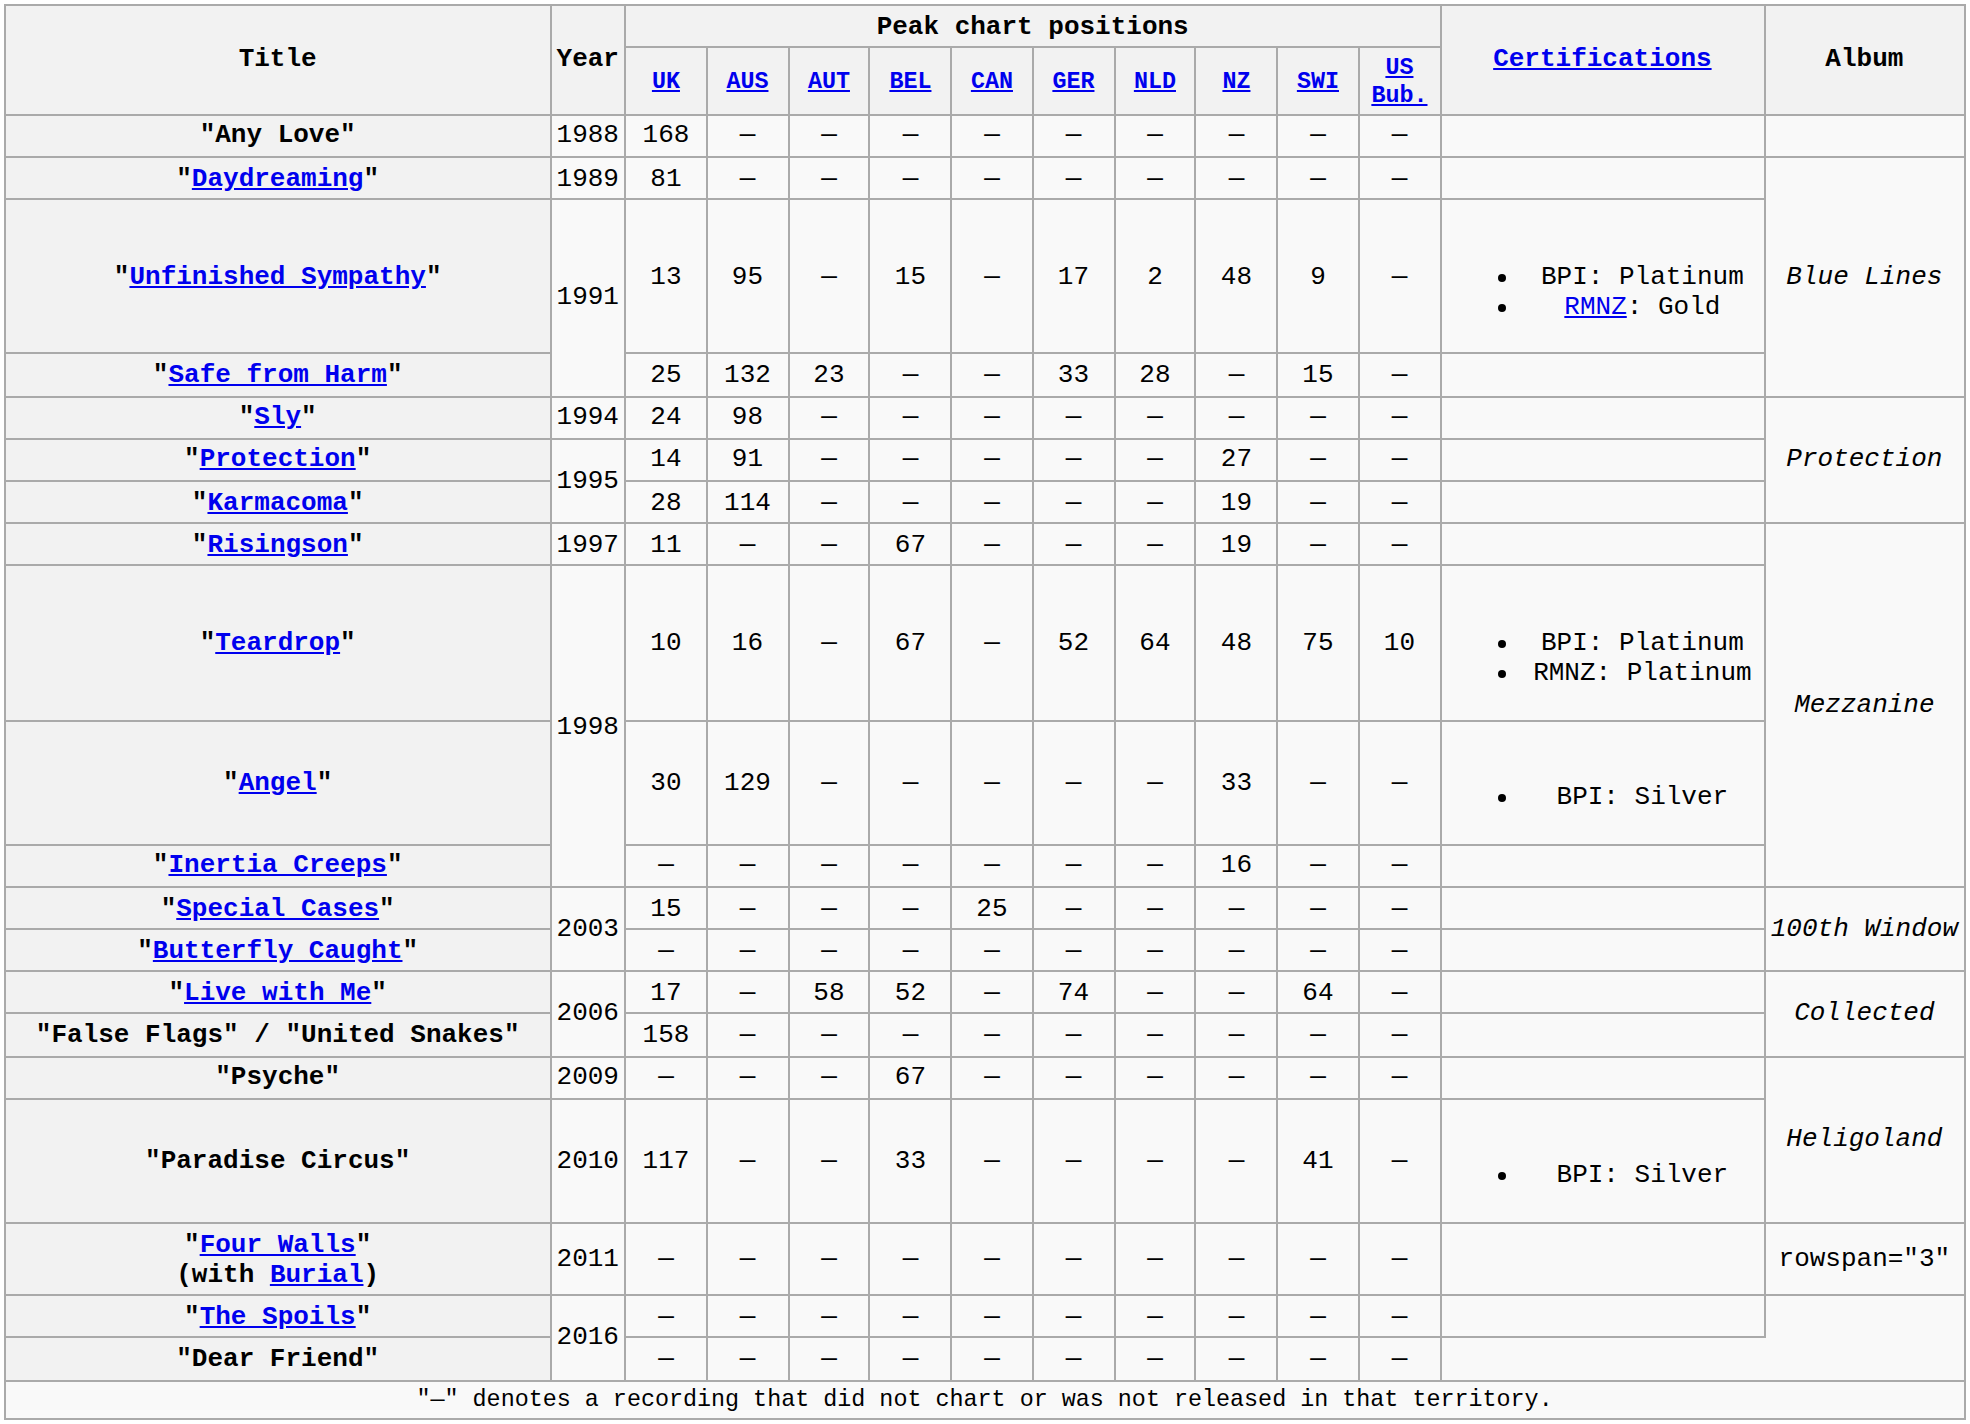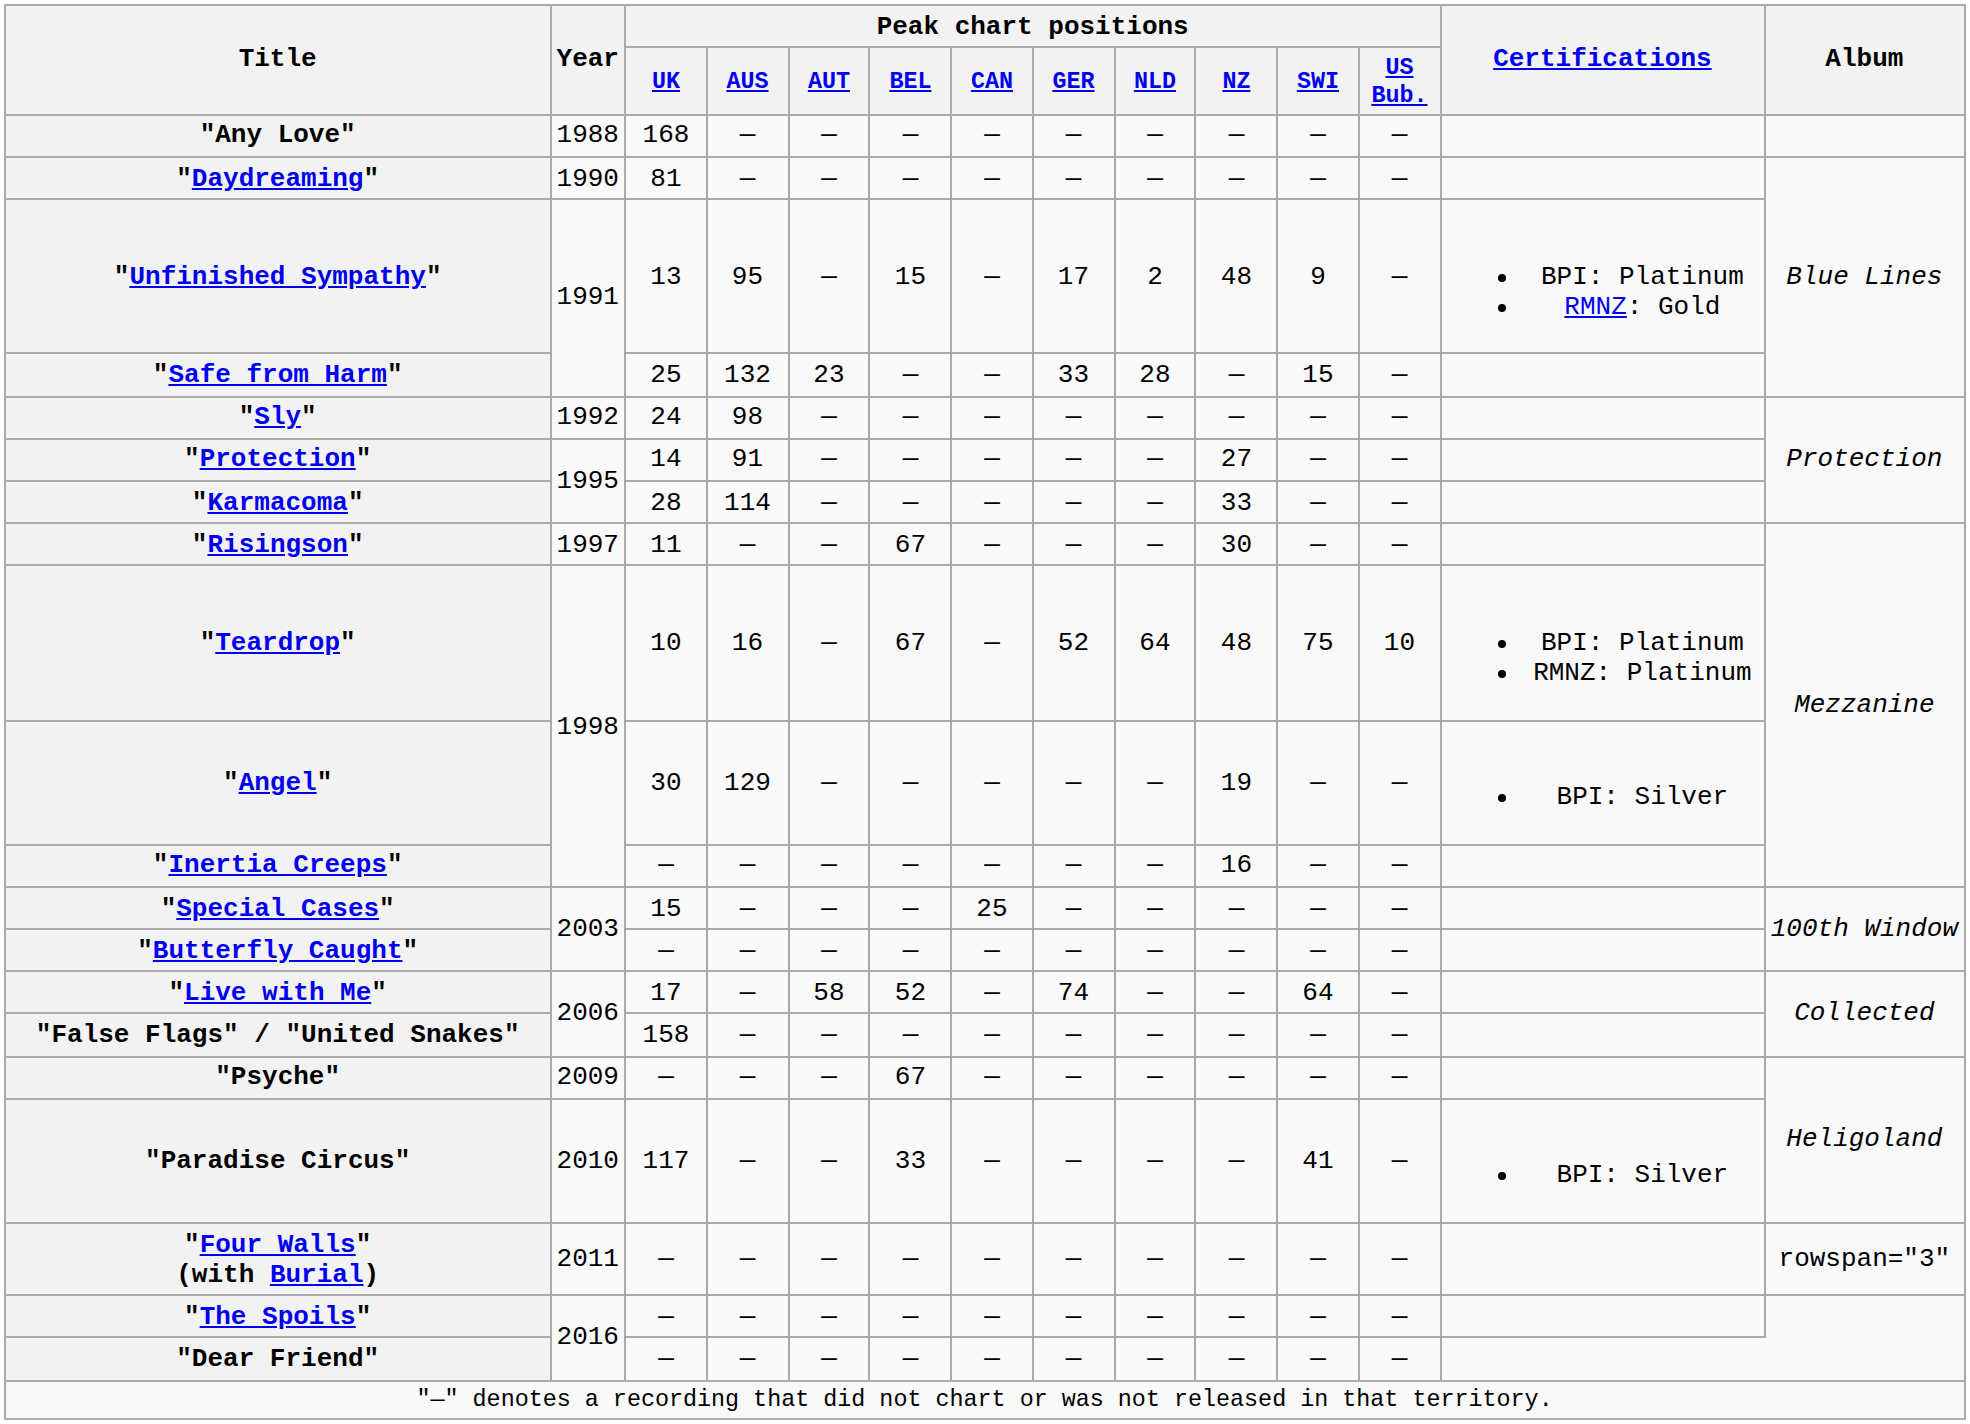 <table class="wikitable plainrowheaders" style="text-align:center;" border="1">
 <tr>
 <th scope="col" rowspan="2" style="width:20.5em;">Title</th>
 <th scope="col" rowspan="2">Year</th>
 <th scope="col" colspan="10">Peak chart positions</th>
 <th scope="col" rowspan="2" style="width:12em;"><a href='#'>Certifications</a></th>
 <th scope="col" rowspan="2">Album</th>
 </tr>
 <tr>
 <th scope="col" style="width:3em;font-size:90%;"><a href='#'>UK</a><br></th>
 <th scope="col" style="width:3em;font-size:90%;"><a href='#'>AUS</a><br></th>
 <th scope="col" style="width:3em;font-size:90%;"><a href='#'>AUT</a><br></th>
 <th scope="col" style="width:3em;font-size:90%;"><a href='#'>BEL</a><br></th>
 <th scope="col" style="width:3em;font-size:90%;"><a href='#'>CAN</a><br></th>
 <th scope="col" style="width:3em;font-size:90%;"><a href='#'>GER</a><br></th>
 <th scope="col" style="width:3em;font-size:90%;"><a href='#'>NLD</a><br></th>
 <th scope="col" style="width:3em;font-size:90%;"><a href='#'>NZ</a><br></th>
 <th scope="col" style="width:3em;font-size:90%;"><a href='#'>SWI</a><br></th>
 <th scope="col" style="width:3em;font-size:90%;"><a href='#'>US<br>Bub.</a><br></th>
 </tr>
 <tr>
 <th scope="row">"Any Love"</th>
 <td>1988</td>
 <td>168</td>
 <td>—</td>
 <td>—</td>
 <td>—</td>
 <td>—</td>
 <td>—</td>
 <td>—</td>
 <td>—</td>
 <td>—</td>
 <td>—</td>
 <td></td>
 <td></td>
 </tr>
 <tr>
 <th scope="row">"<a href='#'>Daydreaming</a>"</th>
-<td>1989</td>
+<td>1990</td>
 <td>81</td>
 <td>—</td>
 <td>—</td>
 <td>—</td>
 <td>—</td>
 <td>—</td>
 <td>—</td>
 <td>—</td>
 <td>—</td>
 <td>—</td>
 <td></td>
 <td rowspan="3"><em>Blue Lines</em></td>
 </tr>
 <tr>
 <th scope="row">"<a href='#'>Unfinished Sympathy</a>"</th>
 <td rowspan="2">1991</td>
 <td>13</td>
 <td>95</td>
 <td>—</td>
 <td>15</td>
 <td>—</td>
 <td>17</td>
 <td>2</td>
 <td>48</td>
 <td>9</td>
 <td>—</td>
 <td><br><ul><li>BPI: Platinum</li><li><a href='#'>RMNZ</a>: Gold</li></ul></td>
 </tr>
 <tr>
 <th scope="row">"<a href='#'>Safe from Harm</a>"</th>
 <td>25</td>
 <td>132</td>
 <td>23</td>
 <td>—</td>
 <td>—</td>
 <td>33</td>
 <td>28</td>
 <td>—</td>
 <td>15</td>
 <td>—</td>
 <td></td>
 </tr>
 <tr>
 <th scope="row">"<a href='#'>Sly</a>"</th>
-<td>1994</td>
+<td>1992</td>
 <td>24</td>
 <td>98</td>
 <td>—</td>
 <td>—</td>
 <td>—</td>
 <td>—</td>
 <td>—</td>
 <td>—</td>
 <td>—</td>
 <td>—</td>
 <td></td>
 <td rowspan="3"><em>Protection</em></td>
 </tr>
 <tr>
 <th scope="row">"<a href='#'>Protection</a>"</th>
 <td rowspan="2">1995</td>
 <td>14</td>
 <td>91</td>
 <td>—</td>
 <td>—</td>
 <td>—</td>
 <td>—</td>
 <td>—</td>
 <td>27</td>
 <td>—</td>
 <td>—</td>
 <td></td>
 </tr>
 <tr>
 <th scope="row">"<a href='#'>Karmacoma</a>"</th>
 <td>28</td>
 <td>114</td>
 <td>—</td>
 <td>—</td>
 <td>—</td>
 <td>—</td>
 <td>—</td>
-<td>19</td>
+<td>33</td>
 <td>—</td>
 <td>—</td>
 <td></td>
 </tr>
 <tr>
 <th scope="row">"<a href='#'>Risingson</a>"</th>
 <td>1997</td>
 <td>11</td>
 <td>—</td>
 <td>—</td>
 <td>67</td>
 <td>—</td>
 <td>—</td>
 <td>—</td>
-<td>19</td>
+<td>30</td>
 <td>—</td>
 <td>—</td>
 <td></td>
 <td rowspan="4"><em>Mezzanine</em></td>
 </tr>
 <tr>
 <th scope="row">"<a href='#'>Teardrop</a>"</th>
 <td rowspan="3">1998</td>
 <td>10</td>
 <td>16</td>
 <td>—</td>
 <td>67</td>
 <td>—</td>
 <td>52</td>
 <td>64</td>
 <td>48</td>
 <td>75</td>
 <td>10</td>
 <td><br><ul><li>BPI: Platinum</li><li>RMNZ: Platinum</li></ul></td>
 </tr>
 <tr>
 <th scope="row">"<a href='#'>Angel</a>"</th>
 <td>30</td>
 <td>129</td>
 <td>—</td>
 <td>—</td>
 <td>—</td>
 <td>—</td>
 <td>—</td>
-<td>33</td>
+<td>19</td>
 <td>—</td>
 <td>—</td>
 <td><br><ul><li>BPI: Silver</li></ul></td>
 </tr>
 <tr>
 <th scope="row">"<a href='#'>Inertia Creeps</a>"</th>
 <td>—</td>
 <td>—</td>
 <td>—</td>
 <td>—</td>
 <td>—</td>
 <td>—</td>
 <td>—</td>
 <td>16</td>
 <td>—</td>
 <td>—</td>
 <td></td>
 </tr>
 <tr>
 <th scope="row">"<a href='#'>Special Cases</a>"</th>
 <td rowspan="2">2003</td>
 <td>15</td>
 <td>—</td>
 <td>—</td>
 <td>—</td>
 <td>25</td>
 <td>—</td>
 <td>—</td>
 <td>—</td>
 <td>—</td>
 <td>—</td>
 <td></td>
 <td rowspan="2"><em>100th Window</em></td>
 </tr>
 <tr>
 <th scope="row">"<a href='#'>Butterfly Caught</a>"</th>
 <td>—</td>
 <td>—</td>
 <td>—</td>
 <td>—</td>
 <td>—</td>
 <td>—</td>
 <td>—</td>
 <td>—</td>
 <td>—</td>
 <td>—</td>
 <td></td>
 </tr>
 <tr>
 <th scope="row">"<a href='#'>Live with Me</a>"</th>
 <td rowspan="2">2006</td>
 <td>17</td>
 <td>—</td>
 <td>58</td>
 <td>52</td>
 <td>—</td>
 <td>74</td>
 <td>—</td>
 <td>—</td>
 <td>64</td>
 <td>—</td>
 <td></td>
 <td rowspan="2"><em>Collected</em></td>
 </tr>
 <tr>
 <th scope="row">"False Flags" / "United Snakes"</th>
 <td>158</td>
 <td>—</td>
 <td>—</td>
 <td>—</td>
 <td>—</td>
 <td>—</td>
 <td>—</td>
 <td>—</td>
 <td>—</td>
 <td>—</td>
 <td></td>
 </tr>
 <tr>
 <th scope="row">"Psyche"</th>
 <td>2009</td>
 <td>—</td>
 <td>—</td>
 <td>—</td>
 <td>67</td>
 <td>—</td>
 <td>—</td>
 <td>—</td>
 <td>—</td>
 <td>—</td>
 <td>—</td>
 <td></td>
 <td rowspan="2"><em>Heligoland</em></td>
 </tr>
 <tr>
 <th scope="row">"Paradise Circus"</th>
 <td>2010</td>
 <td>117</td>
 <td>—</td>
 <td>—</td>
 <td>33</td>
 <td>—</td>
 <td>—</td>
 <td>—</td>
 <td>—</td>
 <td>41</td>
 <td>—</td>
 <td><br><ul><li>BPI: Silver</li></ul></td>
 </tr>
 <tr>
 <th scope="row">"<a href='#'>Four Walls</a>"<br><span>(with <a href='#'>Burial</a>)</span></th>
 <td>2011</td>
 <td>—</td>
 <td>—</td>
 <td>—</td>
 <td>—</td>
 <td>—</td>
 <td>—</td>
 <td>—</td>
 <td>—</td>
 <td>—</td>
 <td>—</td>
 <td></td>
 <td>rowspan="3" </td>
 </tr>
 <tr>
 <th scope="row">"<a href='#'>The Spoils</a>"</th>
 <td rowspan="2">2016</td>
 <td>—</td>
 <td>—</td>
 <td>—</td>
 <td>—</td>
 <td>—</td>
 <td>—</td>
 <td>—</td>
 <td>—</td>
 <td>—</td>
 <td>—</td>
 <td></td>
 </tr>
 <tr>
 <th scope="row">"Dear Friend"</th>
 <td>—</td>
 <td>—</td>
 <td>—</td>
 <td>—</td>
 <td>—</td>
 <td>—</td>
 <td>—</td>
 <td>—</td>
 <td>—</td>
 <td>—</td>
 </tr>
 <tr>
 <td colspan="15" style="font-size:90%">"—" denotes a recording that did not chart or was not released in that territory.</td>
 </tr>
 </table>
